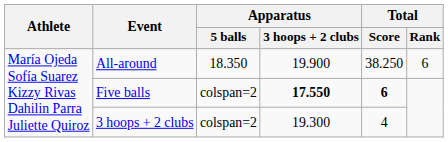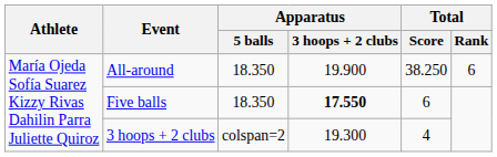 <table class=wikitable style=font-size:90%;text-align:center>
 <tr>
 <th rowspan=2>Athlete</th>
 <th rowspan=2>Event</th>
 <th colspan=2>Apparatus</th>
 <th colspan=2>Total</th>
 </tr>
 <tr style=font-size:95%>
 <th>5 balls</th>
 <th>3 hoops + 2 clubs</th>
 <th>Score</th>
 <th>Rank</th>
 </tr>
 <tr>
 <td align=left rowspan=3><a href='#'>María Ojeda</a><br><a href='#'>Sofía Suarez</a><br><a href='#'>Kizzy Rivas</a><br><a href='#'>Dahilin Parra</a><br><a href='#'>Juliette Quiroz</a></td>
 <td align=left><a href='#'>All-around</a></td>
 <td>18.350</td>
 <td>19.900</td>
 <td>38.250</td>
 <td>6</td>
 </tr>
 <tr>
 <td align=left><a href='#'>Five balls</a></td>
-<td>colspan=2 </td>
+<td>18.350</td>
 <td><strong>17.550</strong></td>
-<td><strong>6</strong></td>
+<td>6</td>
 </tr>
 <tr>
 <td align=left><a href='#'>3 hoops + 2 clubs</a></td>
 <td>colspan=2 </td>
 <td>19.300</td>
 <td>4</td>
 </tr>
 </table>
